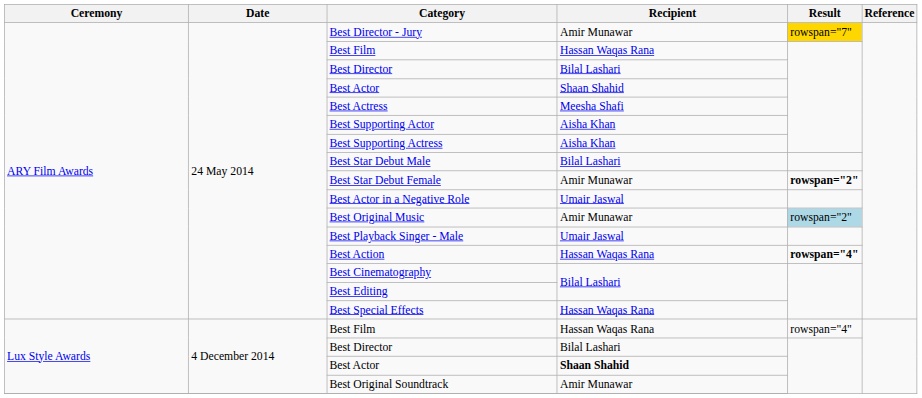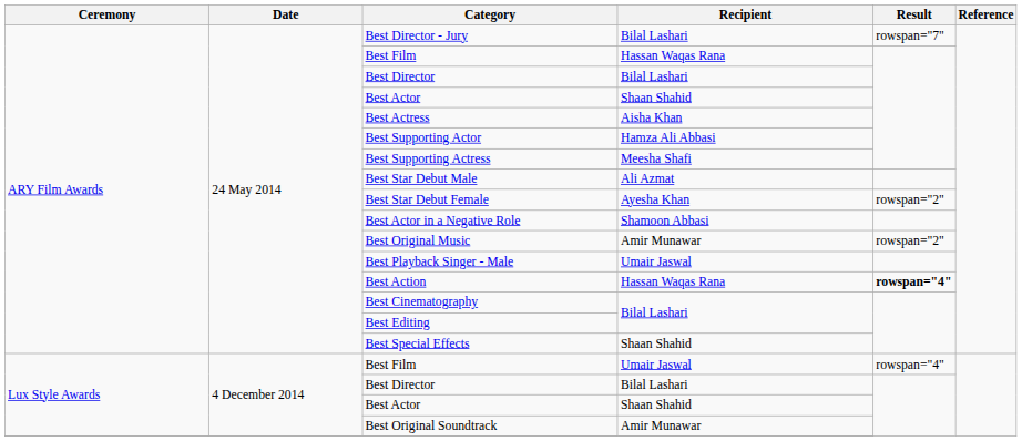 <table class="wikitable" style="width:99%;"  >
 <tr>
 <th width="20%" scope="col">Ceremony</th>
 <th width="15%" scope="col">Date</th>
 <th width="25%" scope="col">Category</th>
 <th width="25%" scope="col">Recipient</th>
 <th width="8%" scope="col">Result</th>
 <th width="2%" scope="col">Reference</th>
 </tr>
 <tr>
 <td rowspan="16"><a href='#'>ARY Film Awards</a></td>
 <td rowspan="16">24 May 2014</td>
 <td><a href='#'>Best Director - Jury</a></td>
-<td>Amir Munawar</td>
-<td style="background: gold;">rowspan="7" </td>
+<td><a href='#'>Bilal Lashari</a></td>
+<td>rowspan="7" </td>
 <td rowspan="16"></td>
 </tr>
 <tr>
 <td><a href='#'>Best Film</a></td>
 <td><a href='#'>Hassan Waqas Rana</a></td>
 </tr>
 <tr>
 <td><a href='#'>Best Director</a></td>
 <td><a href='#'>Bilal Lashari</a></td>
 </tr>
 <tr>
 <td><a href='#'>Best Actor</a></td>
 <td><a href='#'>Shaan Shahid</a></td>
 </tr>
 <tr>
 <td><a href='#'>Best Actress</a></td>
+<td><a href='#'>Aisha Khan</a></td>
+</tr>
+<tr>
+<td><a href='#'>Best Supporting Actor</a></td>
+<td><a href='#'>Hamza Ali Abbasi</a></td>
+</tr>
+<tr>
+<td><a href='#'>Best Supporting Actress</a></td>
 <td><a href='#'>Meesha Shafi</a></td>
 </tr>
 <tr>
-<td><a href='#'>Best Supporting Actor</a></td>
-<td><a href='#'>Aisha Khan</a></td>
-</tr>
-<tr>
-<td><a href='#'>Best Supporting Actress</a></td>
-<td><a href='#'>Aisha Khan</a></td>
-</tr>
-<tr>
 <td><a href='#'>Best Star Debut Male</a></td>
-<td><a href='#'>Bilal Lashari</a></td>
+<td><a href='#'>Ali Azmat</a></td>
 <td></td>
 </tr>
 <tr>
 <td><a href='#'>Best Star Debut Female</a></td>
-<td>Amir Munawar</td>
-<td><strong>rowspan="2" </strong></td>
+<td><a href='#'>Ayesha Khan</a></td>
+<td>rowspan="2" </td>
 </tr>
 <tr>
 <td><a href='#'>Best Actor in a Negative Role</a></td>
-<td><a href='#'>Umair Jaswal</a></td>
+<td><a href='#'>Shamoon Abbasi</a></td>
 </tr>
 <tr>
 <td><a href='#'>Best Original Music</a></td>
 <td>Amir Munawar</td>
-<td style="background: lightblue;">rowspan="2" </td>
+<td>rowspan="2" </td>
 </tr>
 <tr>
 <td><a href='#'>Best Playback Singer - Male</a></td>
 <td><a href='#'>Umair Jaswal</a></td>
 </tr>
 <tr>
 <td><a href='#'>Best Action</a></td>
 <td><a href='#'>Hassan Waqas Rana</a></td>
 <td><strong>rowspan="4" </strong></td>
 </tr>
 <tr>
 <td><a href='#'>Best Cinematography</a></td>
 <td rowspan="2"><a href='#'>Bilal Lashari</a></td>
 </tr>
 <tr>
 <td><a href='#'>Best Editing</a></td>
 </tr>
 <tr>
 <td><a href='#'>Best Special Effects</a></td>
-<td><a href='#'>Hassan Waqas Rana</a></td>
+<td>Shaan Shahid</td>
 </tr>
 <tr>
 <td rowspan="4"><a href='#'>Lux Style Awards</a></td>
 <td rowspan="4">4 December 2014</td>
 <td>Best Film</td>
-<td>Hassan Waqas Rana</td>
+<td><a href='#'>Umair Jaswal</a></td>
 <td>rowspan="4" </td>
 <td rowspan="16"></td>
 </tr>
 <tr>
 <td>Best Director</td>
 <td>Bilal Lashari</td>
 </tr>
 <tr>
 <td>Best Actor</td>
-<td><strong>Shaan Shahid</strong></td>
+<td>Shaan Shahid</td>
 </tr>
 <tr>
 <td>Best Original Soundtrack</td>
 <td>Amir Munawar</td>
 </tr>
 <tr>
 </tr>
 </table>
